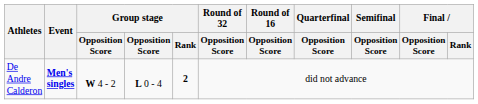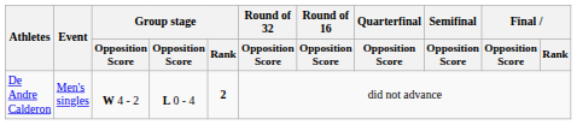 <table class=wikitable style=font-size:88%;text-align:center>
 <tr>
 <th rowspan=2>Athletes</th>
 <th rowspan=2>Event</th>
 <th colspan=3>Group stage</th>
 <th>Round of 32</th>
 <th>Round of 16</th>
 <th>Quarterfinal</th>
 <th>Semifinal</th>
 <th colspan=2>Final / </th>
 </tr>
 <tr style=font-size:95%>
 <th>Opposition<br>Score</th>
 <th>Opposition<br>Score</th>
 <th>Rank</th>
 <th>Opposition<br>Score</th>
 <th>Opposition<br>Score</th>
 <th>Opposition<br>Score</th>
 <th>Opposition<br>Score</th>
 <th>Opposition<br>Score</th>
 <th>Rank</th>
 </tr>
 <tr>
 <td align=left><a href='#'>De Andre Calderon</a></td>
-<td align=left><strong><a href='#'>Men's singles</a></strong></td>
+<td align=left><a href='#'>Men's singles</a></td>
 <td><br><strong>W</strong> 4 - 2</td>
 <td><br><strong>L</strong> 0 - 4</td>
 <td><strong>2</strong></td>
 <td colspan=6>did not advance</td>
 </tr>
 </table>
